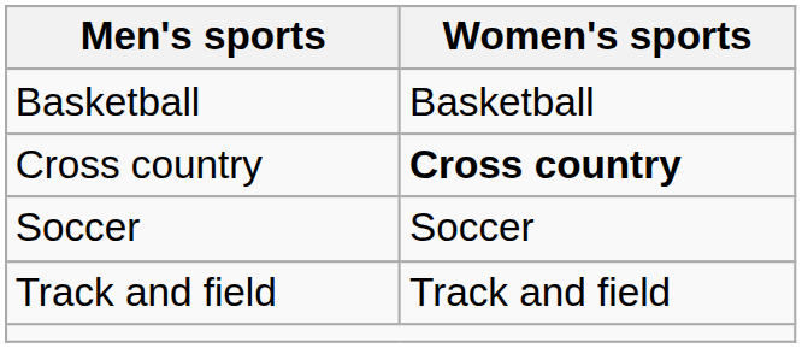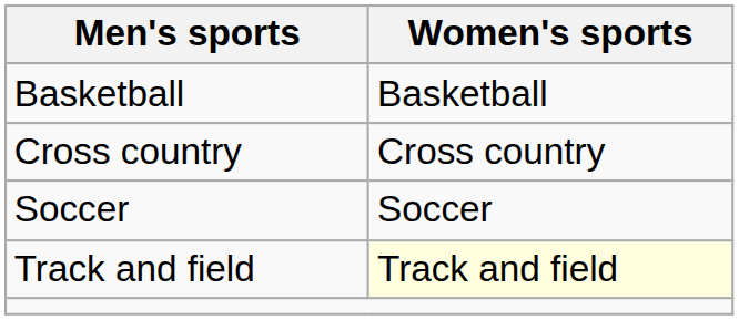 <table class="wikitable"; style= "text-align: ">
 <tr>
 <th width=150px>Men's sports</th>
 <th width=150px>Women's sports</th>
 </tr>
 <tr>
 <td>Basketball</td>
 <td>Basketball</td>
 </tr>
 <tr>
 <td>Cross country</td>
-<td><strong>Cross country</strong></td>
+<td>Cross country</td>
 </tr>
 <tr>
 <td>Soccer</td>
 <td>Soccer</td>
 </tr>
 <tr>
 <td>Track and field</td>
-<td>Track and field</td>
+<td style="background: lightyellow;">Track and field</td>
 </tr>
 <tr>
 <td colspan=2></td>
 </tr>
 </table>
